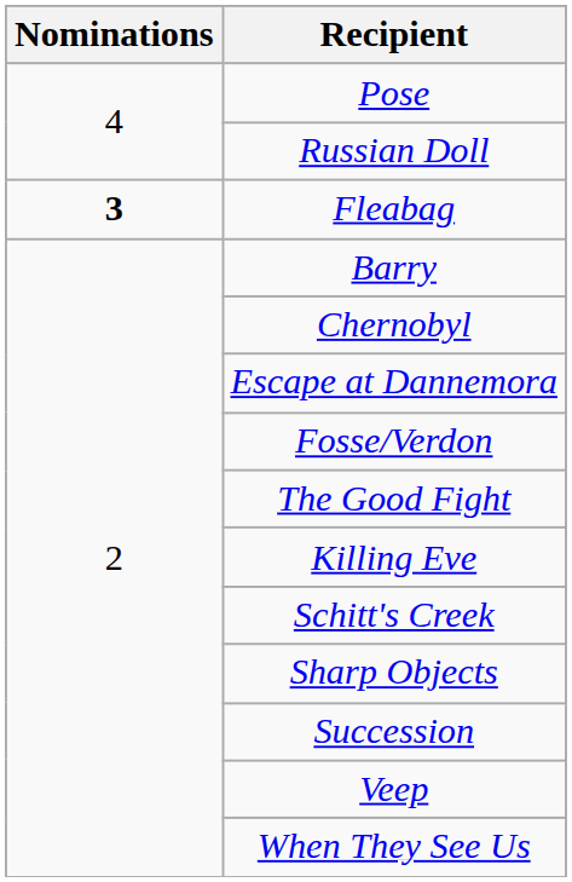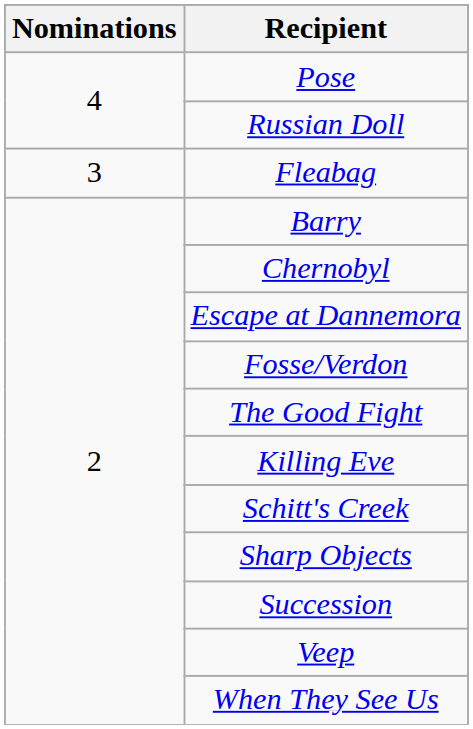 <table class="wikitable" rowspan="2" style="text-align:center;" background: #f6e39c;>
 <tr>
 <th scope="col" style="width:55px;">Nominations</th>
 <th scope="col" style="text-align:center;">Recipient</th>
 </tr>
 <tr>
 <td rowspan="2" style="text-align: center;">4</td>
 <td><em><a href='#'>Pose</a></em></td>
 </tr>
 <tr>
 <td><em><a href='#'>Russian Doll</a></em></td>
 </tr>
 <tr>
-<td style="text-align: center;"><strong>3</strong></td>
+<td style="text-align: center;">3</td>
 <td><em><a href='#'>Fleabag</a></em></td>
 </tr>
 <tr>
 <td rowspan="11" style="text-align: center;">2</td>
 <td><em><a href='#'>Barry</a></em></td>
 </tr>
 <tr>
 <td><em><a href='#'>Chernobyl</a></em></td>
 </tr>
 <tr>
 <td><em><a href='#'>Escape at Dannemora</a></em></td>
 </tr>
 <tr>
 <td><em><a href='#'>Fosse/Verdon</a></em></td>
 </tr>
 <tr>
 <td><em><a href='#'>The Good Fight</a></em></td>
 </tr>
 <tr>
 <td><em><a href='#'>Killing Eve</a></em></td>
 </tr>
 <tr>
 <td><em><a href='#'>Schitt's Creek</a></em></td>
 </tr>
 <tr>
 <td><em><a href='#'>Sharp Objects</a></em></td>
 </tr>
 <tr>
 <td><em><a href='#'>Succession</a></em></td>
 </tr>
 <tr>
 <td><em><a href='#'>Veep</a></em></td>
 </tr>
 <tr>
 <td><em><a href='#'>When They See Us</a></em></td>
 </tr>
 </table>
